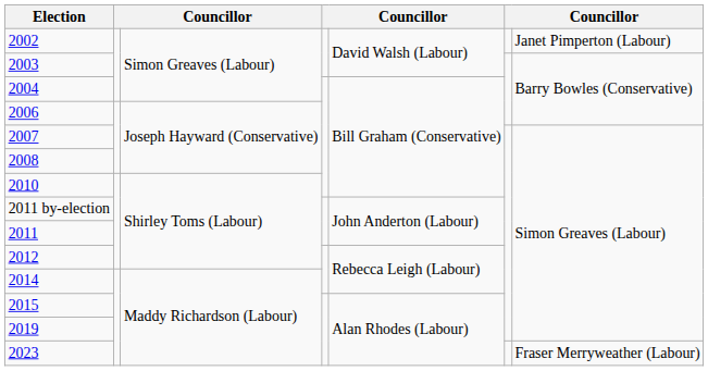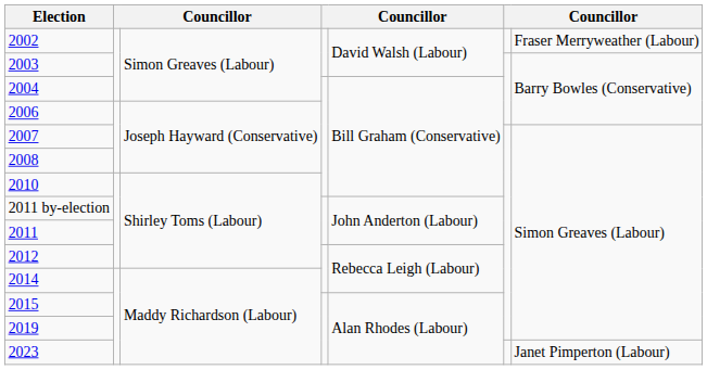 <table class="wikitable">
 <tr>
 <th>Election</th>
 <th colspan="2">Councillor</th>
 <th colspan="2">Councillor</th>
 <th colspan="2">Councillor</th>
 </tr>
 <tr>
 <td><a href='#'>2002</a></td>
 <td rowspan="3" style="background-color: "></td>
 <td rowspan="3">Simon Greaves (Labour)</td>
 <td rowspan="2" style="background-color: "></td>
 <td rowspan="2">David Walsh (Labour)</td>
 <td style="background-color: "></td>
-<td>Janet Pimperton (Labour)</td>
+<td>Fraser Merryweather (Labour)</td>
 </tr>
 <tr>
 <td><a href='#'>2003</a></td>
 <td rowspan="3" style="background-color: "></td>
 <td rowspan="3">Barry Bowles (Conservative)</td>
 </tr>
 <tr>
 <td><a href='#'>2004</a></td>
 <td rowspan="5" style="background-color: "></td>
 <td rowspan="5">Bill Graham (Conservative)</td>
 </tr>
 <tr>
 <td><a href='#'>2006</a></td>
 <td rowspan="3" style="background-color: "></td>
 <td rowspan="3">Joseph Hayward (Conservative)</td>
 </tr>
 <tr>
 <td><a href='#'>2007</a></td>
 <td rowspan="9" style="background-color: "></td>
 <td rowspan="9">Simon Greaves (Labour)</td>
 </tr>
 <tr>
 <td><a href='#'>2008</a></td>
 </tr>
 <tr>
 <td><a href='#'>2010</a></td>
 <td rowspan="4" style="background-color: "></td>
 <td rowspan="4">Shirley Toms (Labour)</td>
 </tr>
 <tr>
 <td>2011 by-election</td>
 <td rowspan="2" style="background-color: "></td>
 <td rowspan="2">John Anderton (Labour)</td>
 </tr>
 <tr>
 <td><a href='#'>2011</a></td>
 </tr>
 <tr>
 <td><a href='#'>2012</a></td>
 <td rowspan="2" style="background-color: "></td>
 <td rowspan="2">Rebecca Leigh (Labour)</td>
 </tr>
 <tr>
 <td><a href='#'>2014</a></td>
 <td rowspan="4" style="background-color: "></td>
 <td rowspan="4">Maddy Richardson (Labour)</td>
 </tr>
 <tr>
 <td><a href='#'>2015</a></td>
 <td rowspan="3" style="background-color: "></td>
 <td rowspan="3">Alan Rhodes (Labour)</td>
 </tr>
 <tr>
 <td><a href='#'>2019</a></td>
 </tr>
 <tr>
 <td><a href='#'>2023</a></td>
 <td rowspan="3" style="background-color: "></td>
-<td>Fraser Merryweather (Labour)</td>
+<td>Janet Pimperton (Labour)</td>
 </tr>
 </table>
